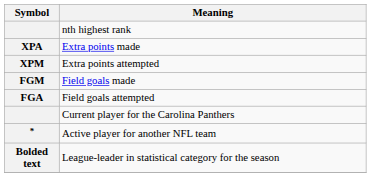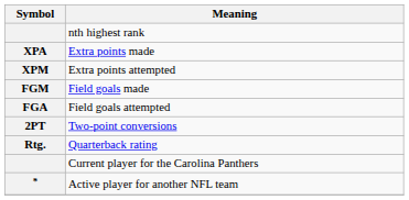 <table class="wikitable plainrowheaders" border="1">
 <tr>
 <th scope="col" style="width:75px; ">Symbol</th>
 <th scope="col" style="width:450px; ">Meaning</th>
 </tr>
 <tr>
 <th scope="row"></th>
 <td>nth highest rank</td>
 </tr>
 <tr>
 <th scope="row">XPA</th>
 <td><a href='#'>Extra points</a> made</td>
 </tr>
 <tr>
 <th scope="row">XPM</th>
 <td>Extra points attempted</td>
 </tr>
 <tr>
 <th scope="row">FGM</th>
 <td><a href='#'>Field goals</a> made</td>
 </tr>
 <tr>
 <th scope="row">FGA</th>
 <td>Field goals attempted</td>
 </tr>
 <tr>
+<th scope="row">2PT</th>
+<td><a href='#'>Two-point conversions</a></td>
+</tr>
+<tr>
+<th scope="row">Rtg.</th>
+<td><a href='#'>Quarterback rating</a></td>
+</tr>
+<tr>
 <th scope="row"></th>
 <td>Current player for the Carolina Panthers</td>
 </tr>
 <tr>
 <th scope="row"><sup>*</sup></th>
 <td>Active player for another NFL team</td>
 </tr>
 <tr>
-<th scope="row"><strong>Bolded text</strong></th>
-<td>League-leader in statistical category for the season</td>
-</tr>
-<tr>
 </tr>
 </table>
